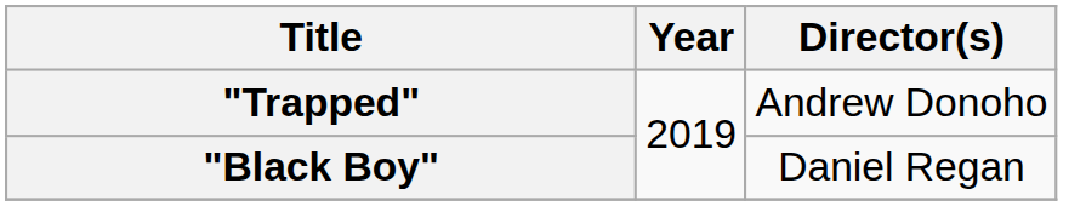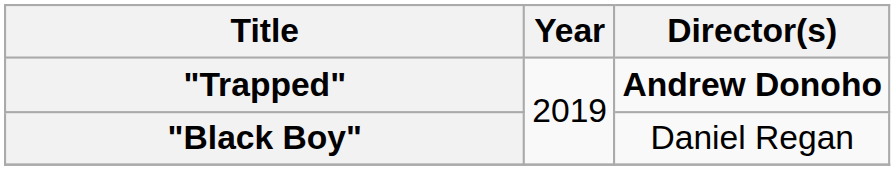 <table class="wikitable plainrowheaders" style="text-align:center;">
 <tr>
 <th scope="col" style="width:15em;">Title</th>
 <th scope="col">Year</th>
 <th scope="col">Director(s)</th>
 </tr>
 <tr>
 <th scope="row">"Trapped"</th>
 <td rowspan="2">2019</td>
-<td>Andrew Donoho</td>
+<td><strong>Andrew Donoho</strong></td>
 </tr>
 <tr>
 <th scope="row">"Black Boy"</th>
 <td>Daniel Regan</td>
 </tr>
 <tr>
 </tr>
 </table>
